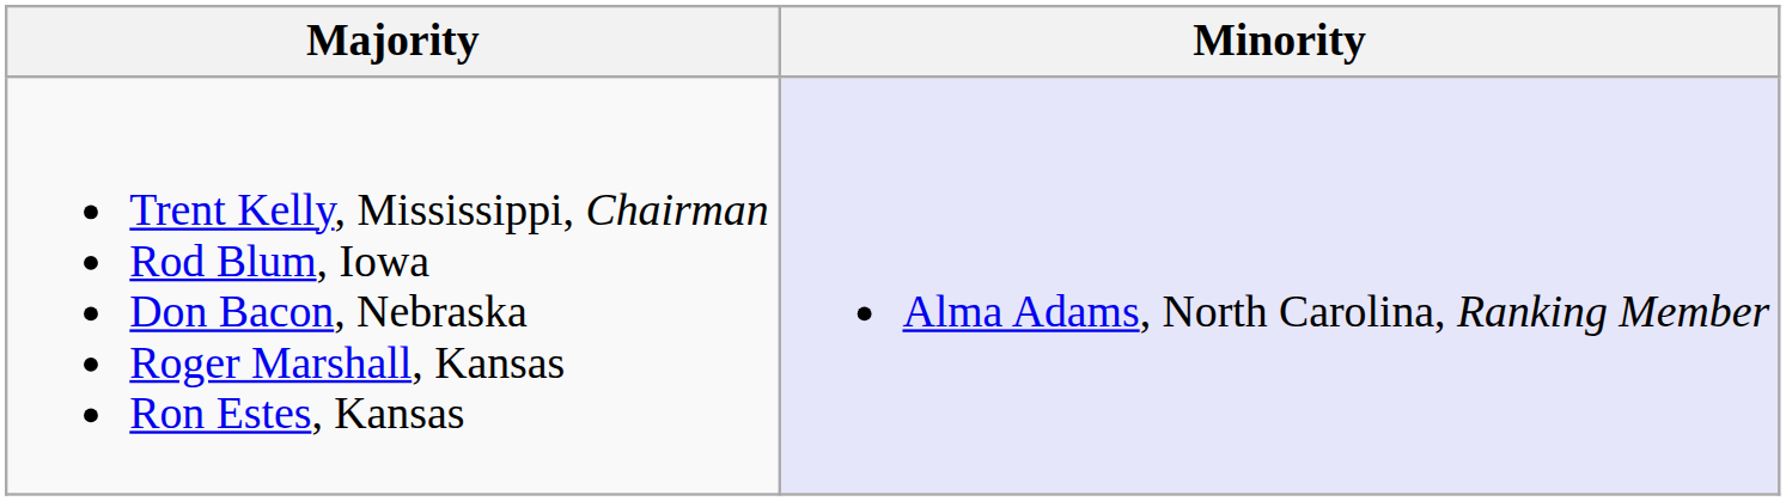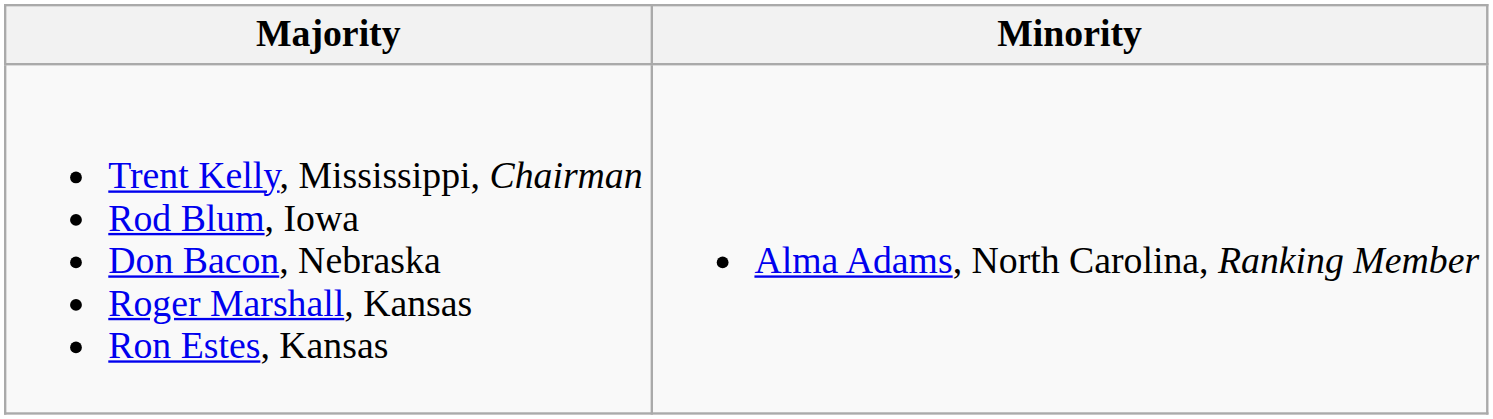 <table class=wikitable>
 <tr>
 <th>Majority</th>
 <th>Minority</th>
 </tr>
 <tr>
 <td><br><ul><li><a href='#'>Trent Kelly</a>, Mississippi, <em>Chairman</em></li><li><a href='#'>Rod Blum</a>, Iowa</li><li><a href='#'>Don Bacon</a>, Nebraska</li><li><a href='#'>Roger Marshall</a>, Kansas</li><li><a href='#'>Ron Estes</a>, Kansas</li></ul></td>
-<td style="background: lavender;"><br><ul><li><a href='#'>Alma Adams</a>, North Carolina, <em>Ranking Member</em></li></ul></td>
+<td><br><ul><li><a href='#'>Alma Adams</a>, North Carolina, <em>Ranking Member</em></li></ul></td>
 </tr>
 </table>
